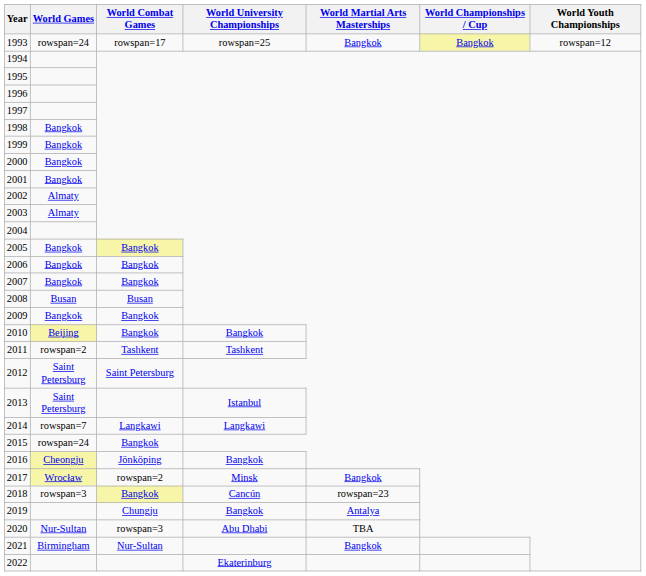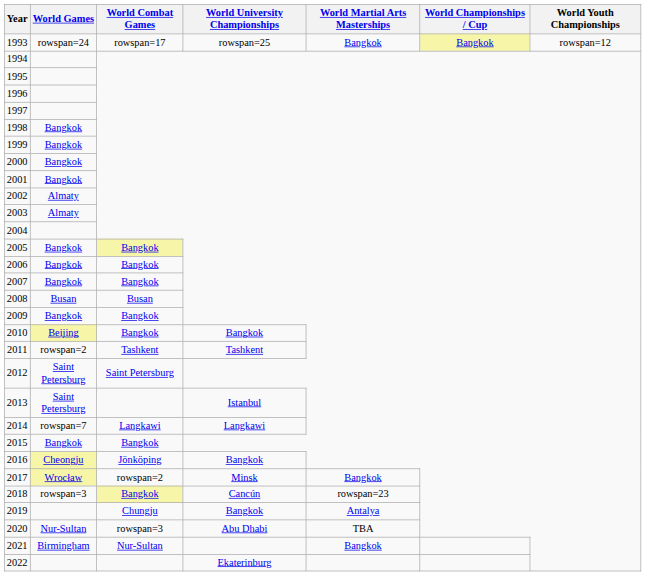 <table class="wikitable"  style="width:70%; text-align:center; font-size:90%">
 <tr>
 <th>Year</th>
 <th><a href='#'>World Games</a></th>
 <th><a href='#'>World Combat Games</a></th>
 <th><a href='#'>World University Championships</a></th>
 <th><a href='#'>World Martial Arts Masterships</a></th>
 <th><a href='#'>World Championships / Cup</a></th>
 <th>World Youth Championships</th>
 </tr>
 <tr>
 <td>1993</td>
 <td>rowspan=24 </td>
 <td>rowspan=17 </td>
 <td>rowspan=25 </td>
 <td> <a href='#'>Bangkok</a></td>
 <td style="background:#f7f6a8;"> <a href='#'>Bangkok</a></td>
 <td>rowspan=12 </td>
 </tr>
 <tr>
 <td>1994</td>
 <td></td>
 </tr>
 <tr>
 <td>1995</td>
 <td></td>
 </tr>
 <tr>
 <td>1996</td>
 <td></td>
 </tr>
 <tr>
 <td>1997</td>
 <td></td>
 </tr>
 <tr>
 <td>1998</td>
 <td> <a href='#'>Bangkok</a></td>
 </tr>
 <tr>
 <td>1999</td>
 <td> <a href='#'>Bangkok</a></td>
 </tr>
 <tr>
 <td>2000</td>
 <td> <a href='#'>Bangkok</a></td>
 </tr>
 <tr>
 <td>2001</td>
 <td> <a href='#'>Bangkok</a></td>
 </tr>
 <tr>
 <td>2002</td>
 <td> <a href='#'>Almaty</a></td>
 </tr>
 <tr>
 <td>2003</td>
 <td> <a href='#'>Almaty</a></td>
 </tr>
 <tr>
 <td>2004</td>
 <td></td>
 </tr>
 <tr>
 <td>2005</td>
 <td> <a href='#'>Bangkok</a></td>
 <td style="background:#f7f6a8;"> <a href='#'>Bangkok</a></td>
 </tr>
 <tr>
 <td>2006</td>
 <td> <a href='#'>Bangkok</a></td>
 <td> <a href='#'>Bangkok</a></td>
 </tr>
 <tr>
 <td>2007</td>
 <td> <a href='#'>Bangkok</a></td>
 <td> <a href='#'>Bangkok</a></td>
 </tr>
 <tr>
 <td>2008</td>
 <td> <a href='#'>Busan</a></td>
 <td> <a href='#'>Busan</a></td>
 </tr>
 <tr>
 <td>2009</td>
 <td> <a href='#'>Bangkok</a></td>
 <td> <a href='#'>Bangkok</a></td>
 </tr>
 <tr>
 <td>2010</td>
 <td style="background:#f7f6a8;"> <a href='#'>Beijing</a></td>
 <td> <a href='#'>Bangkok</a></td>
 <td> <a href='#'>Bangkok</a></td>
 </tr>
 <tr>
 <td>2011</td>
 <td>rowspan=2 </td>
 <td> <a href='#'>Tashkent</a></td>
 <td> <a href='#'>Tashkent</a></td>
 </tr>
 <tr>
 <td>2012</td>
 <td> <a href='#'>Saint Petersburg</a></td>
 <td> <a href='#'>Saint Petersburg</a></td>
 </tr>
 <tr>
 <td>2013</td>
 <td> <a href='#'>Saint Petersburg</a></td>
 <td></td>
 <td> <a href='#'>Istanbul</a></td>
 </tr>
 <tr>
 <td>2014</td>
 <td>rowspan=7 </td>
 <td> <a href='#'>Langkawi</a></td>
 <td> <a href='#'>Langkawi</a></td>
 </tr>
 <tr>
 <td>2015</td>
-<td>rowspan=24 </td>
+<td> <a href='#'>Bangkok</a></td>
 <td> <a href='#'>Bangkok</a></td>
 </tr>
 <tr>
 <td>2016</td>
 <td style="background:#f7f6a8;"> <a href='#'>Cheongju</a></td>
 <td> <a href='#'>Jönköping</a></td>
 <td> <a href='#'>Bangkok</a></td>
 </tr>
 <tr>
 <td>2017</td>
 <td style="background:#f7f6a8;"> <a href='#'>Wrocław</a></td>
 <td>rowspan=2 </td>
 <td> <a href='#'>Minsk</a></td>
 <td> <a href='#'>Bangkok</a></td>
 </tr>
 <tr>
 <td>2018</td>
 <td>rowspan=3 </td>
 <td style="background:#f7f6a8;"> <a href='#'>Bangkok</a></td>
 <td> <a href='#'>Cancún</a></td>
 <td>rowspan=23 </td>
 </tr>
 <tr>
 <td>2019</td>
 <td></td>
 <td> <a href='#'>Chungju</a></td>
 <td> <a href='#'>Bangkok</a></td>
 <td> <a href='#'>Antalya</a></td>
 </tr>
 <tr>
 <td>2020</td>
 <td> <a href='#'>Nur-Sultan</a></td>
 <td>rowspan=3 </td>
 <td> <a href='#'>Abu Dhabi</a></td>
 <td> TBA</td>
 </tr>
 <tr>
 <td>2021</td>
 <td> <a href='#'>Birmingham</a></td>
 <td> <a href='#'>Nur-Sultan</a></td>
 <td></td>
 <td> <a href='#'>Bangkok</a></td>
 <td></td>
 </tr>
 <tr>
 <td>2022</td>
 <td></td>
 <td></td>
 <td> <a href='#'>Ekaterinburg</a></td>
 <td></td>
 <td></td>
 </tr>
 </table>
